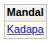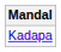 <table class="wikitable sortable static-row-numbers static-row-header-hash">
 <tr>
 <th>Mandal</th>
 </tr>
 <tr>
-<td style="background: lightyellow;"><a href='#'>Kadapa</a></td>
+<td><a href='#'>Kadapa</a></td>
 </tr>
 </table>
